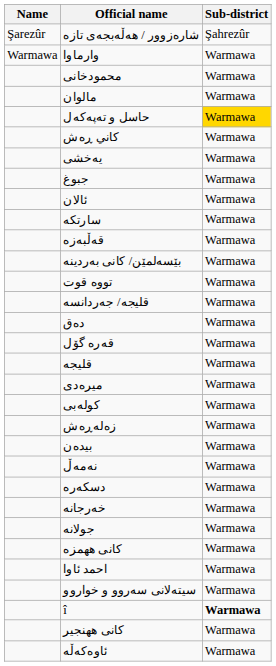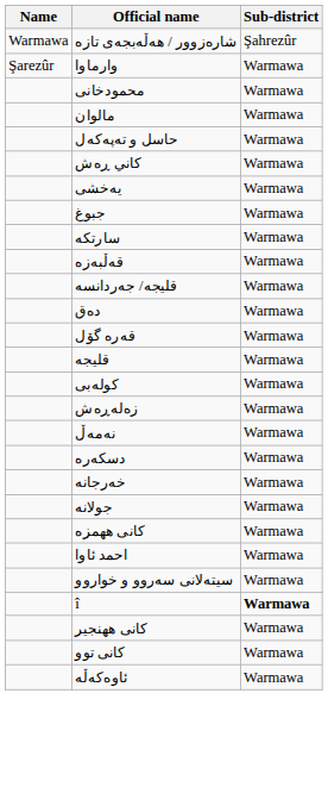 <table class="wikitable">
 <tr>
 <th>Name</th>
 <th>Official name</th>
 <th>Sub-district</th>
 </tr>
 <tr>
-<td>Şarezûr</td>
+<td>Warmawa</td>
 <td>شاره‌زوور / هه‌ڵه‌‌بجه‌‌ی تازه‌</td>
 <td>Şahrezûr</td>
 </tr>
 <tr>
-<td>Warmawa</td>
+<td>Şarezûr</td>
 <td>وارماوا</td>
 <td>Warmawa</td>
 </tr>
 <tr>
 <td></td>
 <td>محمودخانى</td>
 <td>Warmawa</td>
 </tr>
 <tr>
 <td></td>
 <td>مالوان</td>
 <td>Warmawa</td>
 </tr>
 <tr>
 <td></td>
 <td>حاسل و ته‌په‌كه‌ل</td>
-<td style="background: gold;">Warmawa</td>
+<td>Warmawa</td>
 </tr>
 <tr>
 <td></td>
 <td>كاني ڕه‌ش</td>
 <td>Warmawa</td>
 </tr>
 <tr>
 <td></td>
 <td>يه‌خشى</td>
 <td>Warmawa</td>
 </tr>
 <tr>
 <td></td>
 <td>جبوغ</td>
 <td>Warmawa</td>
 </tr>
 <tr>
 <td></td>
-<td>ئالان</td>
-<td>Warmawa</td>
-</tr>
-<tr>
-<td></td>
 <td>سارتكه‌</td>
 <td>Warmawa</td>
 </tr>
 <tr>
 <td></td>
 <td>قه‌ڵبه‌زه‌</td>
-<td>Warmawa</td>
-</tr>
-<tr>
-<td></td>
-<td>بێسه‌لمێن/ كانى به‌ردينه‌</td>
-<td>Warmawa</td>
-</tr>
-<tr>
-<td></td>
-<td>تووه‌ قوت</td>
 <td>Warmawa</td>
 </tr>
 <tr>
 <td></td>
 <td>قليجه‌/ جه‌ردانسه‌</td>
 <td>Warmawa</td>
 </tr>
 <tr>
 <td></td>
 <td>ده‌ق</td>
 <td>Warmawa</td>
 </tr>
 <tr>
 <td></td>
 <td>قه‌ره‌ گۆل</td>
 <td>Warmawa</td>
 </tr>
 <tr>
 <td></td>
 <td>قليجه‌</td>
 <td>Warmawa</td>
 </tr>
 <tr>
 <td></td>
-<td>ميره‌دى</td>
-<td>Warmawa</td>
-</tr>
-<tr>
-<td></td>
 <td>كوله‌بى</td>
 <td>Warmawa</td>
 </tr>
 <tr>
 <td></td>
 <td>زه‌له‌ڕه‌ش</td>
-<td>Warmawa</td>
-</tr>
-<tr>
-<td></td>
-<td>بيده‌ن</td>
 <td>Warmawa</td>
 </tr>
 <tr>
 <td></td>
 <td>نه‌مه‌ڵ</td>
 <td>Warmawa</td>
 </tr>
 <tr>
 <td></td>
 <td>دسكه‌ره‌</td>
 <td>Warmawa</td>
 </tr>
 <tr>
 <td></td>
 <td>خه‌رجانه‌</td>
 <td>Warmawa</td>
 </tr>
 <tr>
 <td></td>
 <td>جولانه‌</td>
 <td>Warmawa</td>
 </tr>
 <tr>
 <td></td>
 <td>كانى ههمزه‌</td>
 <td>Warmawa</td>
 </tr>
 <tr>
 <td></td>
 <td>احمد ئاوا</td>
 <td>Warmawa</td>
 </tr>
 <tr>
 <td></td>
 <td>سيته‌لانى سه‌روو و خواروو</td>
 <td>Warmawa</td>
 </tr>
 <tr>
 <td></td>
 <td>î</td>
 <td><strong>Warmawa</strong></td>
 </tr>
 <tr>
 <td></td>
 <td>كانى ههنجير</td>
 <td>Warmawa</td>
 </tr>
 <tr>
 <td></td>
+<td>كانى توو</td>
+<td>Warmawa</td>
+</tr>
+<tr>
+<td></td>
 <td>ئاوه‌كه‌ڵه‌</td>
 <td>Warmawa</td>
 </tr>
 </table>
